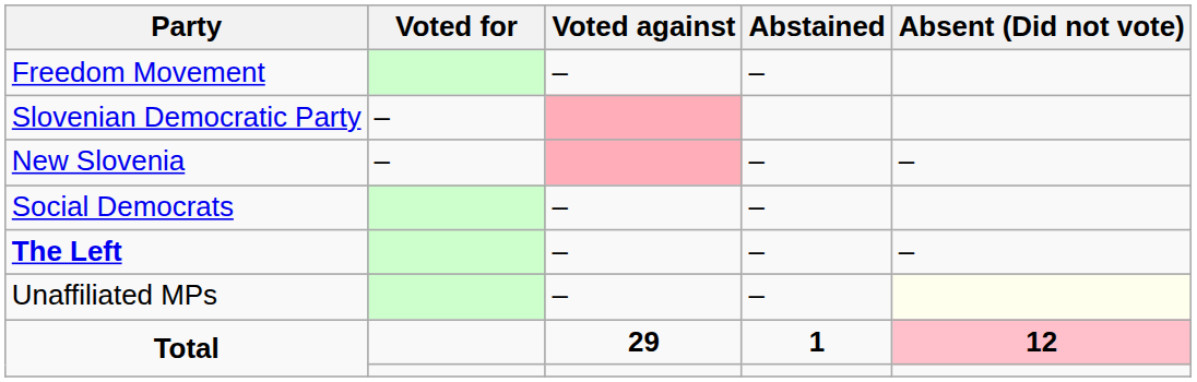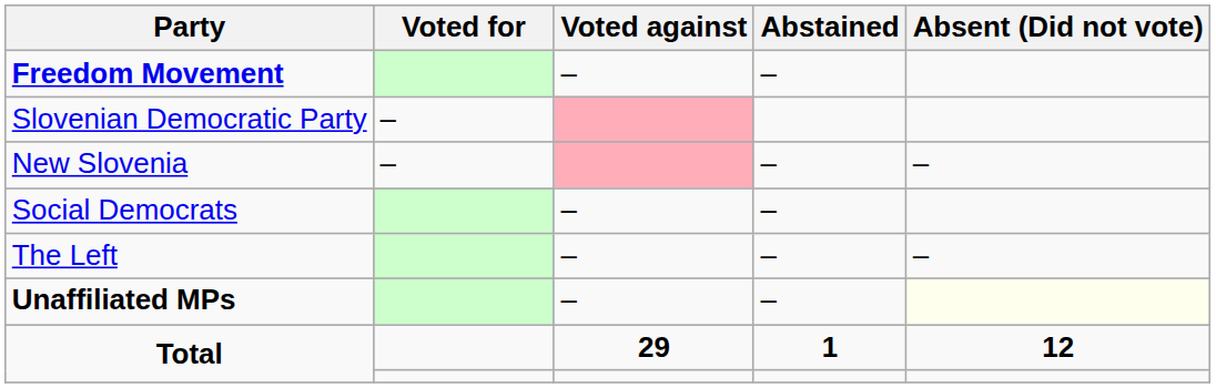 <table class="wikitable">
 <tr>
 <th>Party</th>
 <th style="width:15%;">Voted for</th>
 <th>Voted against</th>
 <th>Abstained</th>
 <th>Absent (Did not vote)</th>
 </tr>
 <tr>
-<td> <a href='#'>Freedom Movement</a></td>
+<td><strong> <a href='#'>Freedom Movement</a></strong></td>
 <td style="background-color:#CCFFCC;"></td>
 <td>–</td>
 <td>–</td>
 <td></td>
 </tr>
 <tr>
 <td> <a href='#'>Slovenian Democratic Party</a></td>
 <td>–</td>
 <td style="background-color:#FFAEB9;"></td>
 <td></td>
 <td></td>
 </tr>
 <tr>
 <td> <a href='#'>New Slovenia</a></td>
 <td>–</td>
 <td style="background-color:#FFAEB9;"></td>
 <td>–</td>
 <td>–</td>
 </tr>
 <tr>
 <td> <a href='#'>Social Democrats</a></td>
 <td style="background-color:#CCFFCC;"></td>
 <td>–</td>
 <td>–</td>
 <td></td>
 </tr>
 <tr>
-<td><strong> <a href='#'>The Left</a></strong></td>
+<td> <a href='#'>The Left</a></td>
 <td style="background-color:#CCFFCC;"></td>
 <td>–</td>
 <td>–</td>
 <td>–</td>
 </tr>
 <tr>
-<td> Unaffiliated MPs</td>
+<td><strong> Unaffiliated MPs</strong></td>
 <td style="background-color:#CCFFCC;"></td>
 <td>–</td>
 <td>–</td>
 <td style="background-color:#FFE;"></td>
 </tr>
 <tr>
 <td style="text-align:center;" rowspan="2"><strong>Total</strong></td>
 <td></td>
 <td style="text-align:center;"><strong>29</strong></td>
 <td style="text-align:center;"><strong>1</strong></td>
-<td style="background: pink; text-align:center;"><strong>12</strong></td>
+<td style="text-align:center;"><strong>12</strong></td>
 </tr>
 <tr>
 <td style="text-align:center;"></td>
 <td style="text-align:center;"></td>
 <td style="text-align:center;"></td>
 <td style="text-align:center;"></td>
 </tr>
 </table>
